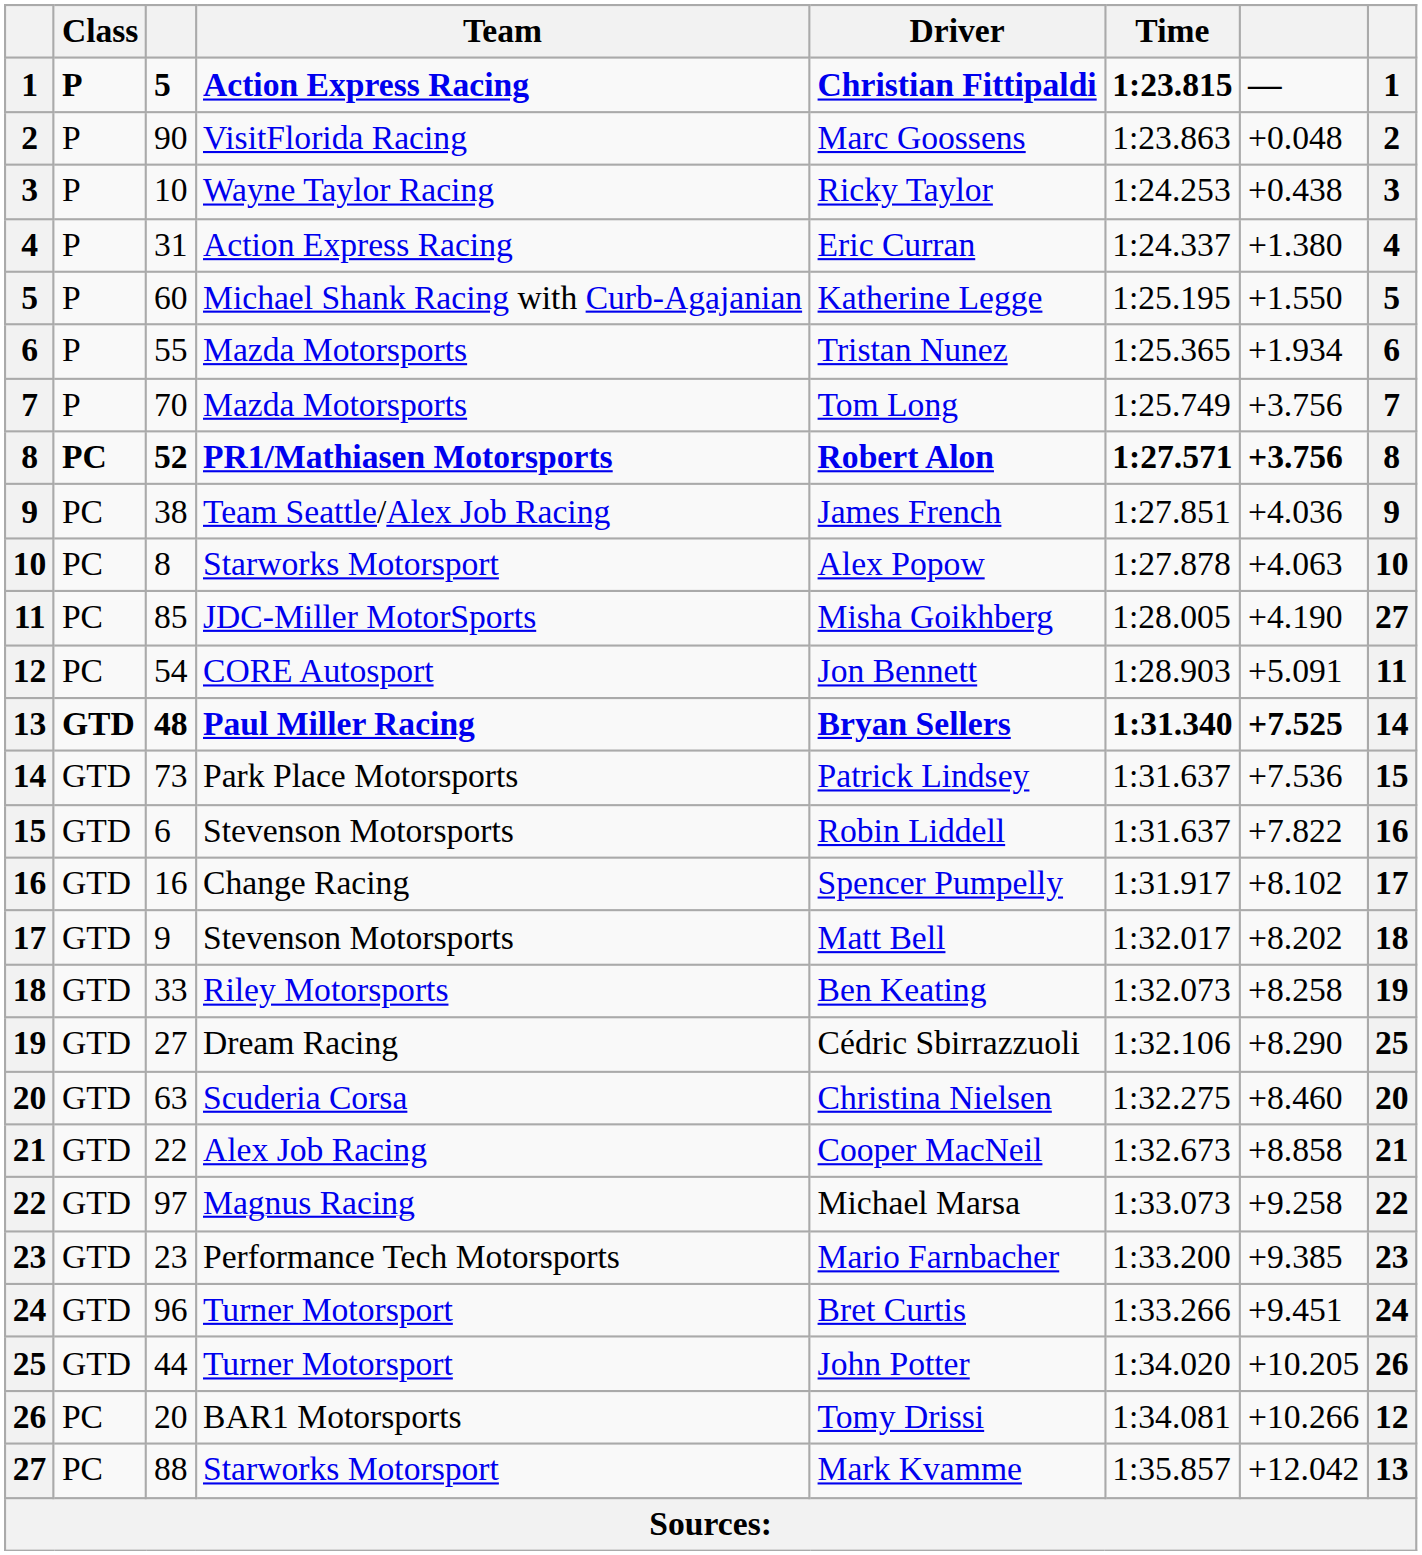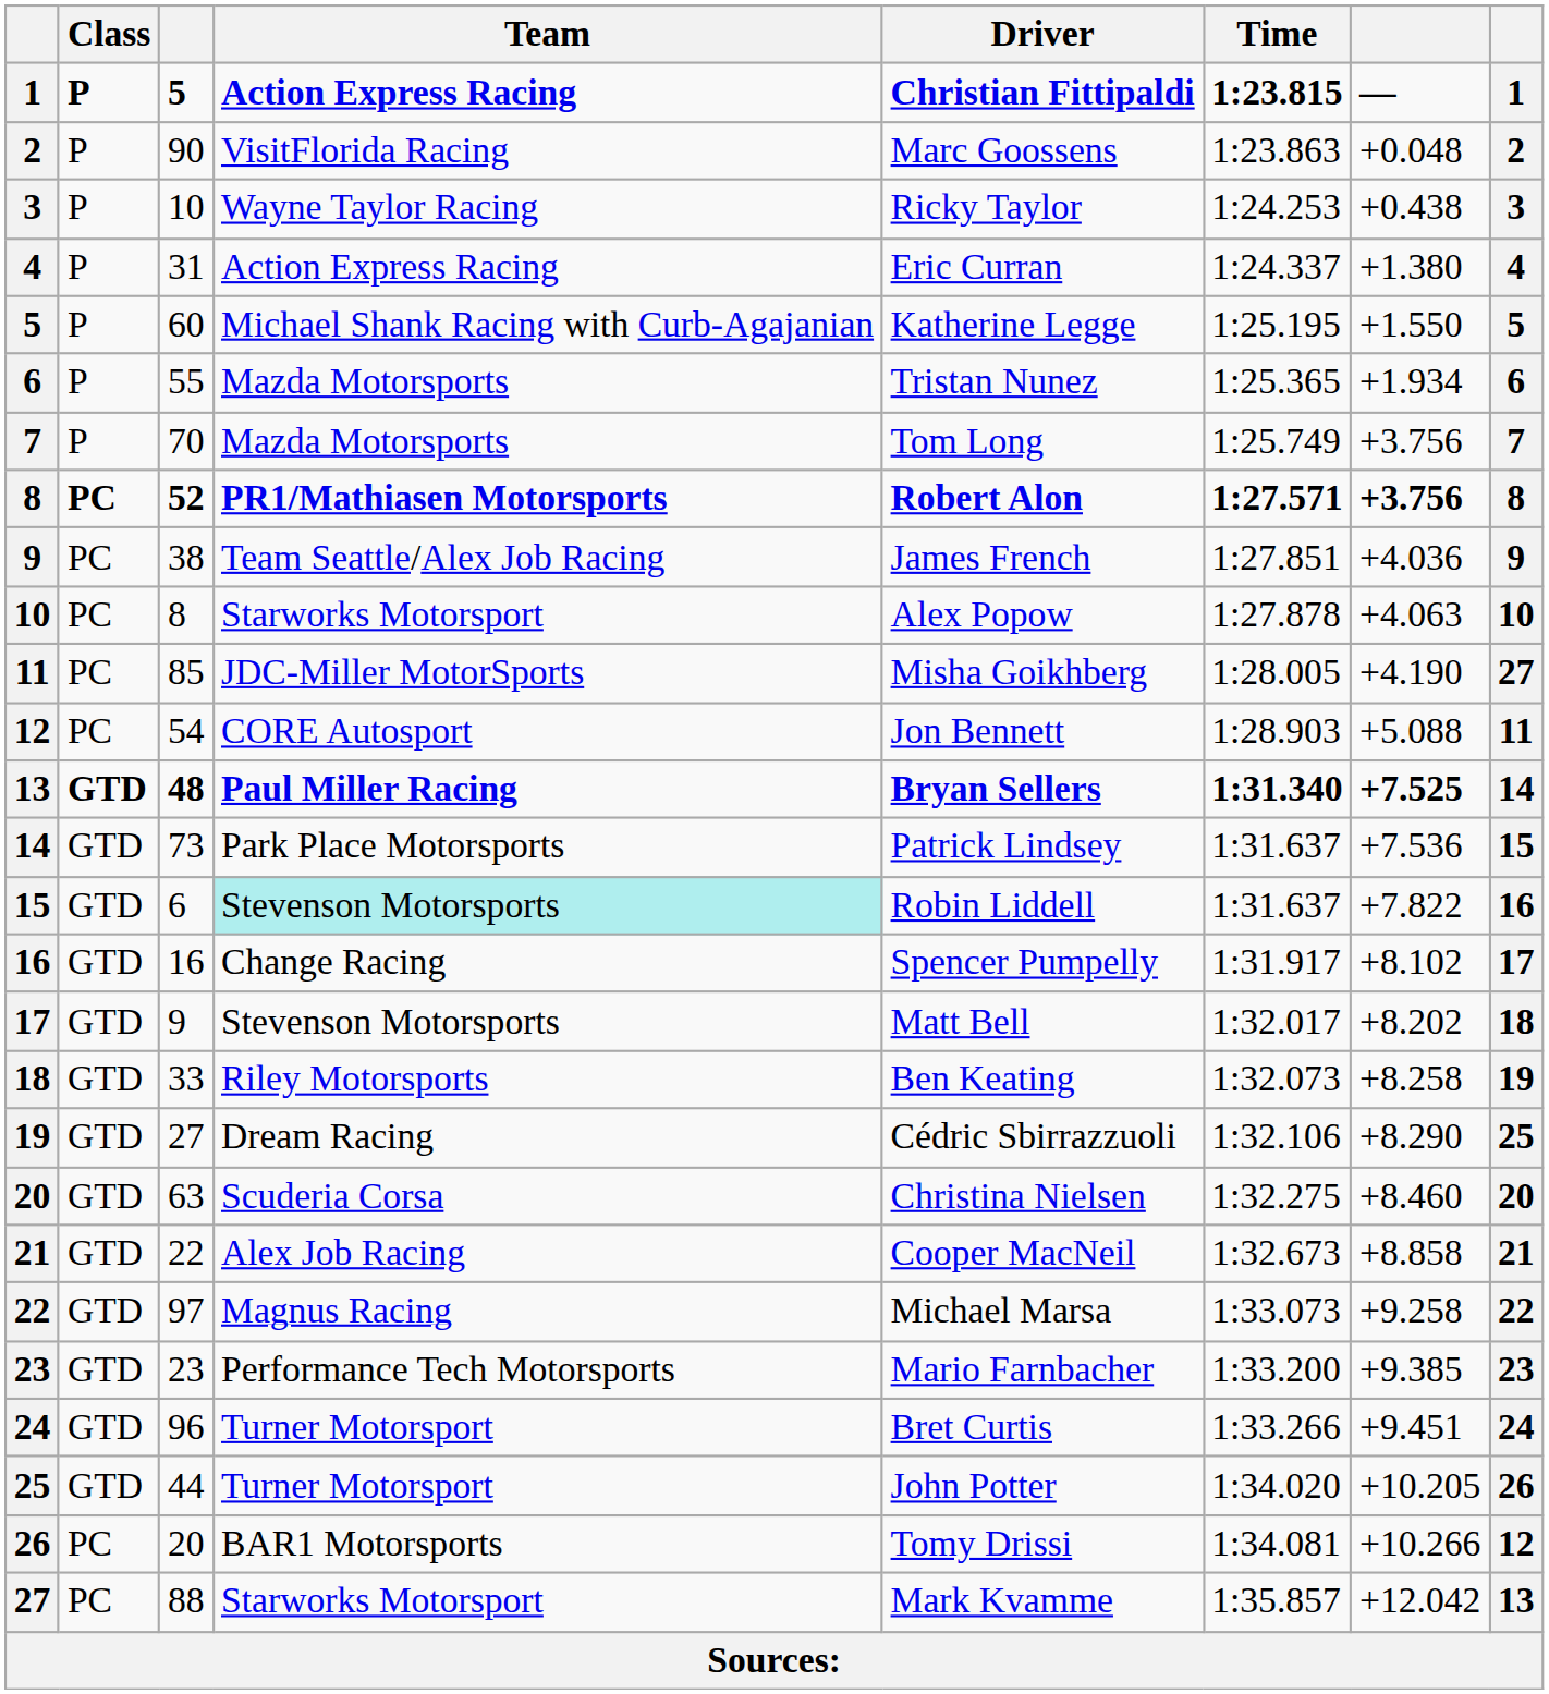 <table class="wikitable">
 <tr>
 <th></th>
 <th>Class</th>
 <th></th>
 <th>Team</th>
 <th>Driver</th>
 <th>Time</th>
 <th></th>
 <th></th>
 </tr>
 <tr style="font-weight:bold">
 <th>1</th>
 <td>P</td>
 <td>5</td>
 <td> <a href='#'>Action Express Racing</a></td>
 <td> <a href='#'>Christian Fittipaldi</a></td>
 <td>1:23.815</td>
 <td>—</td>
 <th>1</th>
 </tr>
 <tr>
 <th>2</th>
 <td>P</td>
 <td>90</td>
 <td> <a href='#'>VisitFlorida Racing</a></td>
 <td> <a href='#'>Marc Goossens</a></td>
 <td>1:23.863</td>
 <td>+0.048</td>
 <th>2</th>
 </tr>
 <tr>
 <th>3</th>
 <td>P</td>
 <td>10</td>
 <td> <a href='#'>Wayne Taylor Racing</a></td>
 <td> <a href='#'>Ricky Taylor</a></td>
 <td>1:24.253</td>
 <td>+0.438</td>
 <th>3</th>
 </tr>
 <tr>
 <th>4</th>
 <td>P</td>
 <td>31</td>
 <td> <a href='#'>Action Express Racing</a></td>
 <td> <a href='#'>Eric Curran</a></td>
 <td>1:24.337</td>
 <td>+1.380</td>
 <th>4</th>
 </tr>
 <tr>
 <th>5</th>
 <td>P</td>
 <td>60</td>
 <td> <a href='#'>Michael Shank Racing</a> with <a href='#'>Curb-Agajanian</a></td>
 <td> <a href='#'>Katherine Legge</a></td>
 <td>1:25.195</td>
 <td>+1.550</td>
 <th>5</th>
 </tr>
 <tr>
 <th>6</th>
 <td>P</td>
 <td>55</td>
 <td> <a href='#'>Mazda Motorsports</a></td>
 <td> <a href='#'>Tristan Nunez</a></td>
 <td>1:25.365</td>
 <td>+1.934</td>
 <th>6</th>
 </tr>
 <tr>
 <th>7</th>
 <td>P</td>
 <td>70</td>
 <td> <a href='#'>Mazda Motorsports</a></td>
 <td> <a href='#'>Tom Long</a></td>
 <td>1:25.749</td>
 <td>+3.756</td>
 <th>7</th>
 </tr>
 <tr style="font-weight:bold">
 <th>8</th>
 <td>PC</td>
 <td>52</td>
 <td> <a href='#'>PR1/Mathiasen Motorsports</a></td>
 <td> <a href='#'>Robert Alon</a></td>
 <td>1:27.571</td>
 <td>+3.756</td>
 <th>8</th>
 </tr>
 <tr>
 <th>9</th>
 <td>PC</td>
 <td>38</td>
 <td> <a href='#'>Team Seattle</a>/<a href='#'>Alex Job Racing</a></td>
 <td> <a href='#'>James French</a></td>
 <td>1:27.851</td>
 <td>+4.036</td>
 <th>9</th>
 </tr>
 <tr>
 <th>10</th>
 <td>PC</td>
 <td>8</td>
 <td> <a href='#'>Starworks Motorsport</a></td>
 <td> <a href='#'>Alex Popow</a></td>
 <td>1:27.878</td>
 <td>+4.063</td>
 <th>10</th>
 </tr>
 <tr>
 <th>11</th>
 <td>PC</td>
 <td>85</td>
 <td> <a href='#'>JDC-Miller MotorSports</a></td>
 <td> <a href='#'>Misha Goikhberg</a></td>
 <td>1:28.005</td>
 <td>+4.190</td>
 <th>27</th>
 </tr>
 <tr>
 <th>12</th>
 <td>PC</td>
 <td>54</td>
 <td> <a href='#'>CORE Autosport</a></td>
 <td> <a href='#'>Jon Bennett</a></td>
 <td>1:28.903</td>
-<td>+5.091</td>
+<td>+5.088</td>
 <th>11</th>
 </tr>
 <tr style="font-weight:bold">
 <th>13</th>
 <td>GTD</td>
 <td>48</td>
 <td> <a href='#'>Paul Miller Racing</a></td>
 <td> <a href='#'>Bryan Sellers</a></td>
 <td>1:31.340</td>
 <td>+7.525</td>
 <th>14</th>
 </tr>
 <tr>
 <th>14</th>
 <td>GTD</td>
 <td>73</td>
 <td> Park Place Motorsports</td>
 <td> <a href='#'>Patrick Lindsey</a></td>
 <td>1:31.637</td>
 <td>+7.536</td>
 <th>15</th>
 </tr>
 <tr>
 <th>15</th>
 <td>GTD</td>
 <td>6</td>
-<td> Stevenson Motorsports</td>
+<td style="background: paleturquoise;"> Stevenson Motorsports</td>
 <td> <a href='#'>Robin Liddell</a></td>
 <td>1:31.637</td>
 <td>+7.822</td>
 <th>16</th>
 </tr>
 <tr>
 <th>16</th>
 <td>GTD</td>
 <td>16</td>
 <td> Change Racing</td>
 <td> <a href='#'>Spencer Pumpelly</a></td>
 <td>1:31.917</td>
 <td>+8.102</td>
 <th>17</th>
 </tr>
 <tr>
 <th>17</th>
 <td>GTD</td>
 <td>9</td>
 <td> Stevenson Motorsports</td>
 <td> <a href='#'>Matt Bell</a></td>
 <td>1:32.017</td>
 <td>+8.202</td>
 <th>18</th>
 </tr>
 <tr>
 <th>18</th>
 <td>GTD</td>
 <td>33</td>
 <td> <a href='#'>Riley Motorsports</a></td>
 <td> <a href='#'>Ben Keating</a></td>
 <td>1:32.073</td>
 <td>+8.258</td>
 <th>19</th>
 </tr>
 <tr>
 <th>19</th>
 <td>GTD</td>
 <td>27</td>
 <td> Dream Racing</td>
 <td> Cédric Sbirrazzuoli</td>
 <td>1:32.106</td>
 <td>+8.290</td>
 <th>25</th>
 </tr>
 <tr>
 <th>20</th>
 <td>GTD</td>
 <td>63</td>
 <td> <a href='#'>Scuderia Corsa</a></td>
 <td> <a href='#'>Christina Nielsen</a></td>
 <td>1:32.275</td>
 <td>+8.460</td>
 <th>20</th>
 </tr>
 <tr>
 <th>21</th>
 <td>GTD</td>
 <td>22</td>
 <td> <a href='#'>Alex Job Racing</a></td>
 <td> <a href='#'>Cooper MacNeil</a></td>
 <td>1:32.673</td>
 <td>+8.858</td>
 <th>21</th>
 </tr>
 <tr>
 <th>22</th>
 <td>GTD</td>
 <td>97</td>
 <td> <a href='#'>Magnus Racing</a></td>
 <td> Michael Marsa</td>
 <td>1:33.073</td>
 <td>+9.258</td>
 <th>22</th>
 </tr>
 <tr>
 <th>23</th>
 <td>GTD</td>
 <td>23</td>
 <td> Performance Tech Motorsports</td>
 <td> <a href='#'>Mario Farnbacher</a></td>
 <td>1:33.200</td>
 <td>+9.385</td>
 <th>23</th>
 </tr>
 <tr>
 <th>24</th>
 <td>GTD</td>
 <td>96</td>
 <td> <a href='#'>Turner Motorsport</a></td>
 <td> <a href='#'>Bret Curtis</a></td>
 <td>1:33.266</td>
 <td>+9.451</td>
 <th>24</th>
 </tr>
 <tr>
 <th>25</th>
 <td>GTD</td>
 <td>44</td>
 <td> <a href='#'>Turner Motorsport</a></td>
 <td> <a href='#'>John Potter</a></td>
 <td>1:34.020</td>
 <td>+10.205</td>
 <th>26</th>
 </tr>
 <tr>
 <th>26</th>
 <td>PC</td>
 <td>20</td>
 <td> BAR1 Motorsports</td>
 <td> <a href='#'>Tomy Drissi</a></td>
 <td>1:34.081</td>
 <td>+10.266</td>
 <th>12</th>
 </tr>
 <tr>
 <th>27</th>
 <td>PC</td>
 <td>88</td>
 <td> <a href='#'>Starworks Motorsport</a></td>
 <td> <a href='#'>Mark Kvamme</a></td>
 <td>1:35.857</td>
 <td>+12.042</td>
 <th>13</th>
 </tr>
 <tr>
 <th colspan="8">Sources:</th>
 </tr>
 </table>
